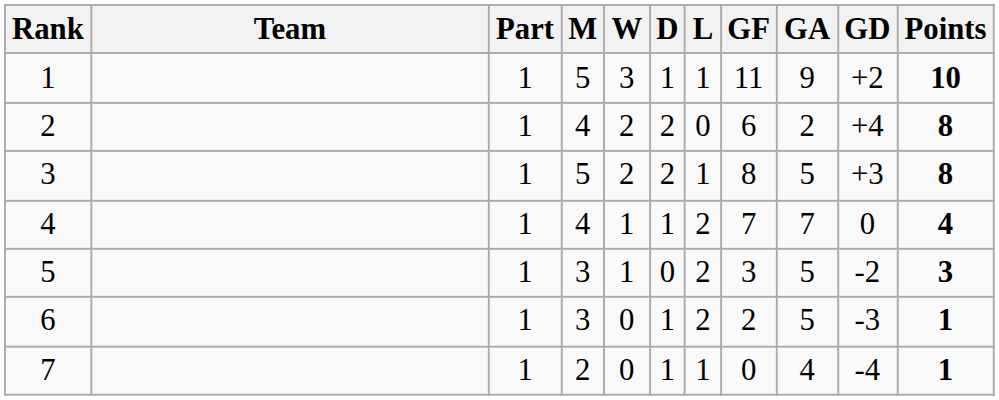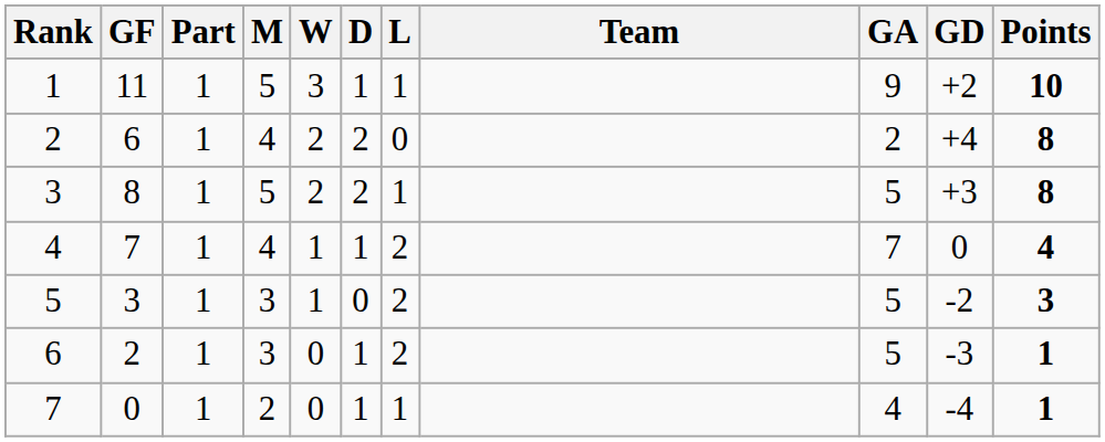 <table class="wikitable sortable" style="text-align:center">
 <tr>
 <th>Rank</th>
-<th width=200>Team</th>
+<th>GF</th>
 <th>Part</th>
 <th>M</th>
 <th>W</th>
 <th>D</th>
 <th>L</th>
-<th>GF</th>
+<th width=200>Team</th>
 <th>GA</th>
 <th>GD</th>
 <th>Points</th>
 </tr>
 <tr>
 <td>1</td>
-<td align=left></td>
+<td>11</td>
 <td>1</td>
 <td>5</td>
 <td>3</td>
 <td>1</td>
 <td>1</td>
-<td>11</td>
+<td align=left></td>
 <td>9</td>
 <td>+2</td>
 <td><strong>10</strong></td>
 </tr>
 <tr>
 <td>2</td>
-<td align=left></td>
+<td>6</td>
 <td>1</td>
 <td>4</td>
 <td>2</td>
 <td>2</td>
 <td>0</td>
-<td>6</td>
+<td align=left></td>
 <td>2</td>
 <td>+4</td>
 <td><strong>8</strong></td>
 </tr>
 <tr>
 <td>3</td>
-<td align=left></td>
+<td>8</td>
 <td>1</td>
 <td>5</td>
 <td>2</td>
 <td>2</td>
 <td>1</td>
-<td>8</td>
+<td align=left></td>
 <td>5</td>
 <td>+3</td>
 <td><strong>8</strong></td>
 </tr>
 <tr>
 <td>4</td>
-<td align=left></td>
+<td>7</td>
 <td>1</td>
 <td>4</td>
 <td>1</td>
 <td>1</td>
 <td>2</td>
-<td>7</td>
+<td align=left></td>
 <td>7</td>
 <td>0</td>
 <td><strong>4</strong></td>
 </tr>
 <tr>
 <td>5</td>
-<td align=left></td>
+<td>3</td>
 <td>1</td>
 <td>3</td>
 <td>1</td>
 <td>0</td>
 <td>2</td>
-<td>3</td>
+<td align=left></td>
 <td>5</td>
 <td>-2</td>
 <td><strong>3</strong></td>
 </tr>
 <tr>
 <td>6</td>
-<td align=left></td>
+<td>2</td>
 <td>1</td>
 <td>3</td>
 <td>0</td>
 <td>1</td>
 <td>2</td>
-<td>2</td>
+<td align=left></td>
 <td>5</td>
 <td>-3</td>
 <td><strong>1</strong></td>
 </tr>
 <tr>
 <td>7</td>
-<td align=left></td>
+<td>0</td>
 <td>1</td>
 <td>2</td>
 <td>0</td>
 <td>1</td>
 <td>1</td>
-<td>0</td>
+<td align=left></td>
 <td>4</td>
 <td>-4</td>
 <td><strong>1</strong></td>
 </tr>
 </table>
